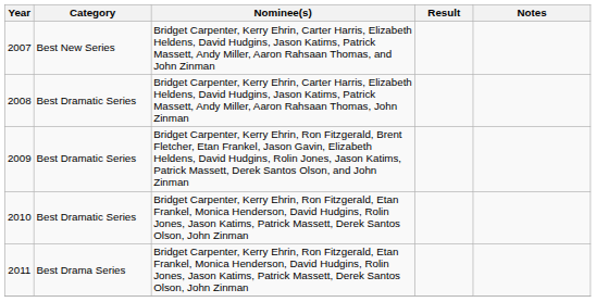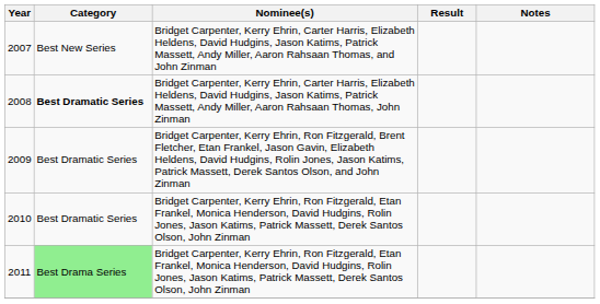 <table class="wikitable" width="100%" cellpadding="5">
 <tr>
 <th width="5%">Year</th>
 <th width="20%">Category</th>
 <th width="45%">Nominee(s)</th>
 <th width="10%">Result</th>
 <th width="20%">Notes</th>
 </tr>
 <tr>
 <td style="text-align:center;">2007</td>
 <td>Best New Series</td>
 <td>Bridget Carpenter, Kerry Ehrin, Carter Harris, Elizabeth Heldens, David Hudgins, Jason Katims, Patrick Massett, Andy Miller, Aaron Rahsaan Thomas, and John Zinman</td>
 <td></td>
 <td></td>
 </tr>
 <tr>
 <td style="text-align:center;">2008</td>
-<td>Best Dramatic Series</td>
+<td><strong>Best Dramatic Series</strong></td>
 <td>Bridget Carpenter, Kerry Ehrin, Carter Harris, Elizabeth Heldens, David Hudgins, Jason Katims, Patrick Massett, Andy Miller, Aaron Rahsaan Thomas, John Zinman</td>
 <td></td>
 <td></td>
 </tr>
 <tr>
 <td style="text-align:center;">2009</td>
 <td>Best Dramatic Series</td>
 <td>Bridget Carpenter, Kerry Ehrin, Ron Fitzgerald, Brent Fletcher, Etan Frankel, Jason Gavin, Elizabeth Heldens, David Hudgins, Rolin Jones, Jason Katims, Patrick Massett, Derek Santos Olson, and John Zinman</td>
 <td></td>
 <td></td>
 </tr>
 <tr>
 <td style="text-align:center;">2010</td>
 <td>Best Dramatic Series</td>
 <td>Bridget Carpenter, Kerry Ehrin, Ron Fitzgerald, Etan Frankel, Monica Henderson, David Hudgins, Rolin Jones, Jason Katims, Patrick Massett, Derek Santos Olson, John Zinman</td>
 <td></td>
 <td></td>
 </tr>
 <tr>
 <td style="text-align:center;">2011</td>
-<td>Best Drama Series</td>
+<td style="background: lightgreen;">Best Drama Series</td>
 <td>Bridget Carpenter, Kerry Ehrin, Ron Fitzgerald, Etan Frankel, Monica Henderson, David Hudgins, Rolin Jones, Jason Katims, Patrick Massett, Derek Santos Olson, John Zinman</td>
 <td></td>
 <td></td>
 </tr>
 <tr>
 </tr>
 </table>
